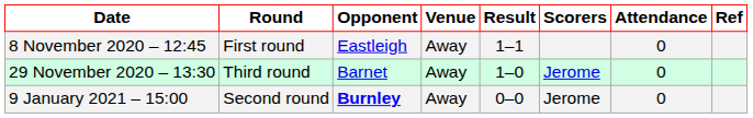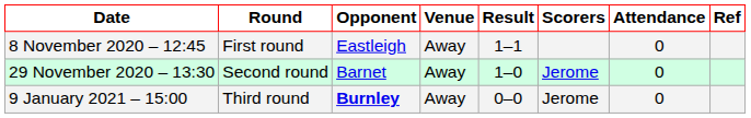 <table class="wikitable">
 <tr>
 <th style="background:#FFFFFF; color:black; border:1px solid red;">Date</th>
 <th style="background:#FFFFFF; color:black; border:1px solid red;">Round</th>
 <th style="background:#FFFFFF; color:black; border:1px solid red;">Opponent</th>
 <th style="background:#FFFFFF; color:black; border:1px solid red;">Venue</th>
 <th style="background:#FFFFFF; color:black; border:1px solid red;">Result</th>
 <th style="background:#FFFFFF; color:black; border:1px solid red;">Scorers</th>
 <th style="background:#FFFFFF; color:black; border:1px solid red;">Attendance</th>
 <th style="background:#FFFFFF; color:black; border:1px solid red;">Ref</th>
 </tr>
 <tr bgcolor="#f3f3f3">
 <td>8 November 2020 – 12:45</td>
 <td align="left">First round</td>
 <td><a href='#'>Eastleigh</a></td>
 <td>Away</td>
 <td align="center">1–1  </td>
 <td></td>
 <td align="center">0</td>
 <td></td>
 </tr>
 <tr bgcolor="#d0ffe3">
 <td>29 November 2020 – 13:30</td>
-<td align="left">Third round</td>
+<td align="left">Second round</td>
 <td><a href='#'>Barnet</a></td>
 <td>Away</td>
 <td align="center">1–0</td>
 <td><a href='#'>Jerome</a></td>
 <td align="center">0</td>
 <td></td>
 </tr>
 <tr bgcolor="#f3f3f3">
 <td>9 January 2021 – 15:00</td>
-<td align="left">Second round</td>
+<td align="left">Third round</td>
 <td><strong><a href='#'>Burnley</a></strong></td>
 <td>Away</td>
 <td align="center">0–0  </td>
 <td>Jerome</td>
 <td align="center">0</td>
 <td></td>
 </tr>
 </table>
